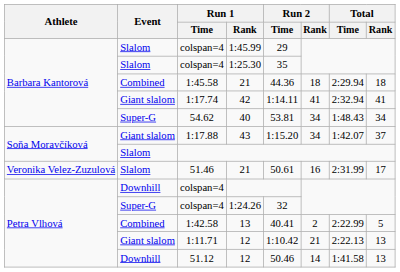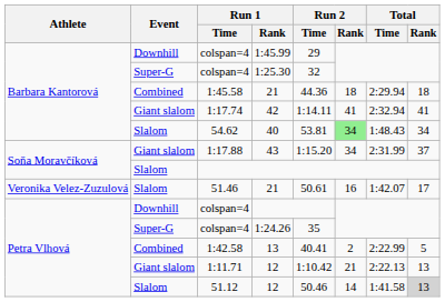 <table class="wikitable" style="font-size:90%">
 <tr>
 <th rowspan=2>Athlete</th>
 <th rowspan=2>Event</th>
 <th colspan=2>Run 1</th>
 <th colspan=2>Run 2</th>
 <th colspan=2>Total</th>
 </tr>
 <tr style="font-size:95%">
 <th>Time</th>
 <th>Rank</th>
 <th>Time</th>
 <th>Rank</th>
 <th>Time</th>
 <th>Rank</th>
 </tr>
 <tr align=center>
 <td align=left rowspan=5><a href='#'>Barbara Kantorová</a></td>
-<td align=left><a href='#'>Slalom</a></td>
+<td align=left><a href='#'>Downhill</a></td>
 <td>colspan=4 </td>
 <td>1:45.99</td>
 <td>29</td>
 </tr>
 <tr align=center>
-<td align=left><a href='#'>Slalom</a></td>
+<td align=left><a href='#'>Super-G</a></td>
 <td>colspan=4 </td>
 <td>1:25.30</td>
-<td>35</td>
+<td>32</td>
 </tr>
 <tr align=center>
 <td align=left><a href='#'>Combined</a></td>
 <td>1:45.58</td>
 <td>21</td>
 <td>44.36</td>
 <td>18</td>
 <td>2:29.94</td>
 <td>18</td>
 </tr>
 <tr align=center>
 <td align=left><a href='#'>Giant slalom</a></td>
 <td>1:17.74</td>
 <td>42</td>
 <td>1:14.11</td>
 <td>41</td>
 <td>2:32.94</td>
 <td>41</td>
 </tr>
 <tr align=center>
-<td align=left><a href='#'>Super-G</a></td>
+<td align=left><a href='#'>Slalom</a></td>
 <td>54.62</td>
 <td>40</td>
 <td>53.81</td>
-<td>34</td>
+<td style="background: lightgreen;">34</td>
 <td>1:48.43</td>
 <td>34</td>
 </tr>
 <tr align=center>
 <td align=left rowspan=2><a href='#'>Soňa Moravčíková</a></td>
 <td align=left><a href='#'>Giant slalom</a></td>
 <td>1:17.88</td>
 <td>43</td>
 <td>1:15.20</td>
 <td>34</td>
-<td>1:42.07</td>
+<td>2:31.99</td>
 <td>37</td>
 </tr>
 <tr align=center>
 <td align=left><a href='#'>Slalom</a></td>
 <td colspan=6></td>
 </tr>
 <tr align=center>
 <td align=left><a href='#'>Veronika Velez-Zuzulová</a></td>
 <td align=left><a href='#'>Slalom</a></td>
 <td>51.46</td>
 <td>21</td>
 <td>50.61</td>
 <td>16</td>
-<td>2:31.99</td>
+<td>1:42.07</td>
 <td>17</td>
 </tr>
 <tr align=center>
 <td align=left rowspan=5><a href='#'>Petra Vlhová</a></td>
 <td align=left><a href='#'>Downhill</a></td>
 <td>colspan=4 </td>
 <td colspan=2></td>
 </tr>
 <tr align=center>
 <td align=left><a href='#'>Super-G</a></td>
 <td>colspan=4 </td>
 <td>1:24.26</td>
-<td>32</td>
+<td>35</td>
 </tr>
 <tr align=center>
 <td align=left><a href='#'>Combined</a></td>
 <td>1:42.58</td>
 <td>13</td>
 <td>40.41</td>
 <td>2</td>
 <td>2:22.99</td>
 <td>5</td>
 </tr>
 <tr align=center>
 <td align=left><a href='#'>Giant slalom</a></td>
 <td>1:11.71</td>
 <td>12</td>
 <td>1:10.42</td>
 <td>21</td>
 <td>2:22.13</td>
 <td>13</td>
 </tr>
 <tr align=center>
-<td align=left><a href='#'>Downhill</a></td>
+<td align=left><a href='#'>Slalom</a></td>
 <td>51.12</td>
 <td>12</td>
 <td>50.46</td>
 <td>14</td>
 <td>1:41.58</td>
-<td>13</td>
+<td style="background: lightgrey;">13</td>
 </tr>
 </table>
